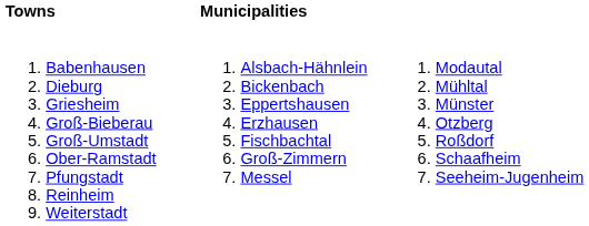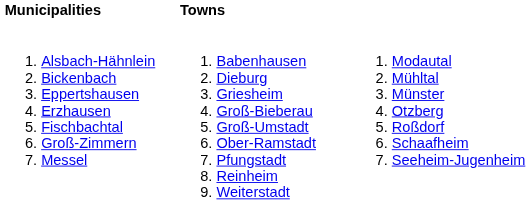 <table>
 <tr>
+<th width=33% align=left>Municipalities</th>
 <th width=33% align=left>Towns</th>
-<th width=33% align=left>Municipalities</th>
 <th width=33% align=left></th>
 </tr>
 <tr valign=top>
+<td><br><ol><li><a href='#'>Alsbach-Hähnlein</a></li><li><a href='#'>Bickenbach</a></li><li><a href='#'>Eppertshausen</a></li><li><a href='#'>Erzhausen</a></li><li><a href='#'>Fischbachtal</a></li><li><a href='#'>Groß-Zimmern</a></li><li><a href='#'>Messel</a></li></ol></td>
 <td><br><ol><li><a href='#'>Babenhausen</a></li><li><a href='#'>Dieburg</a></li><li><a href='#'>Griesheim</a></li><li><a href='#'>Groß-Bieberau</a></li><li><a href='#'>Groß-Umstadt</a></li><li><a href='#'>Ober-Ramstadt</a></li><li><a href='#'>Pfungstadt</a></li><li><a href='#'>Reinheim</a></li><li><a href='#'>Weiterstadt</a></li></ol></td>
-<td><br><ol><li><a href='#'>Alsbach-Hähnlein</a></li><li><a href='#'>Bickenbach</a></li><li><a href='#'>Eppertshausen</a></li><li><a href='#'>Erzhausen</a></li><li><a href='#'>Fischbachtal</a></li><li><a href='#'>Groß-Zimmern</a></li><li><a href='#'>Messel</a></li></ol></td>
 <td><br><ol> <li><a href='#'>Modautal</a> <li><a href='#'>Mühltal</a> <li><a href='#'>Münster</a> <li><a href='#'>Otzberg</a> <li><a href='#'>Roßdorf</a> <li><a href='#'>Schaafheim</a> <li><a href='#'>Seeheim-Jugenheim</a> </ol></td>
 </tr>
 </table>
